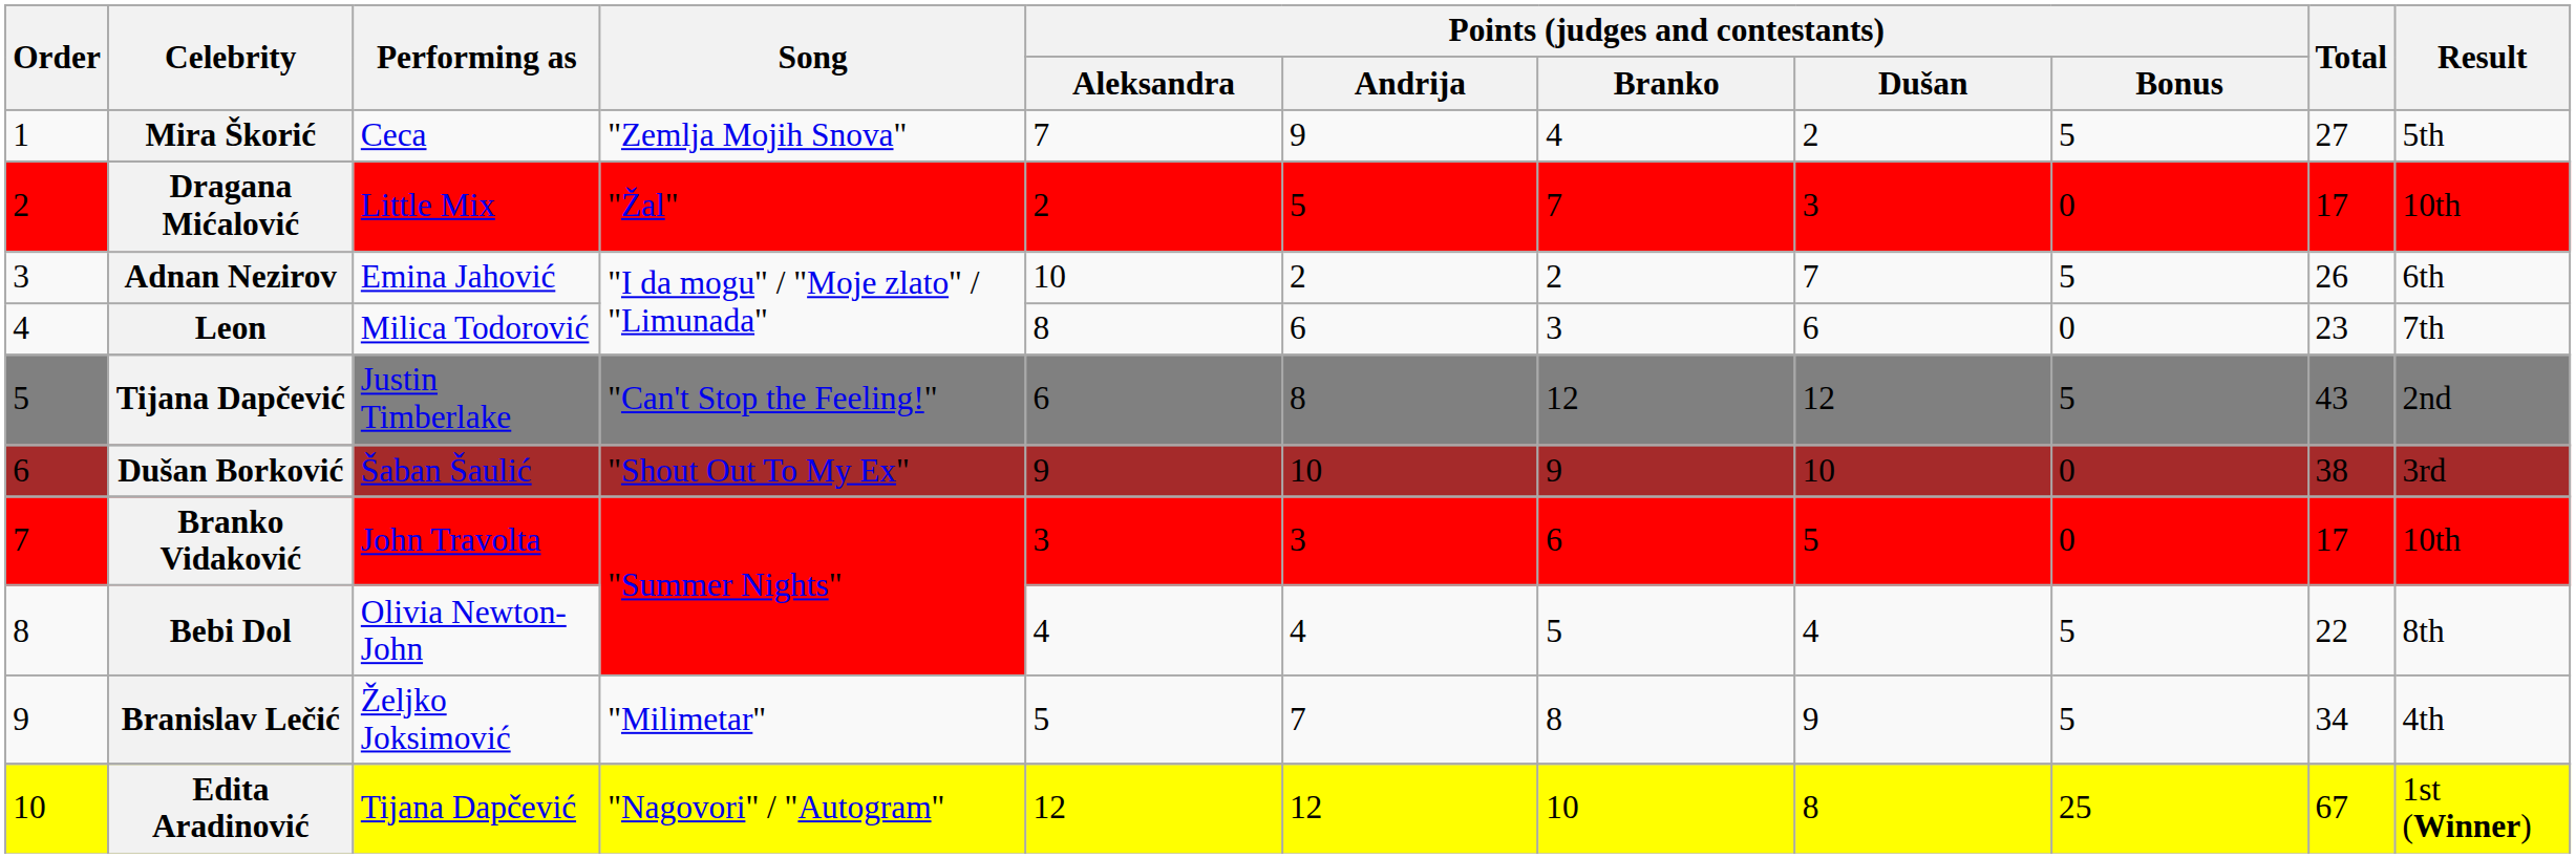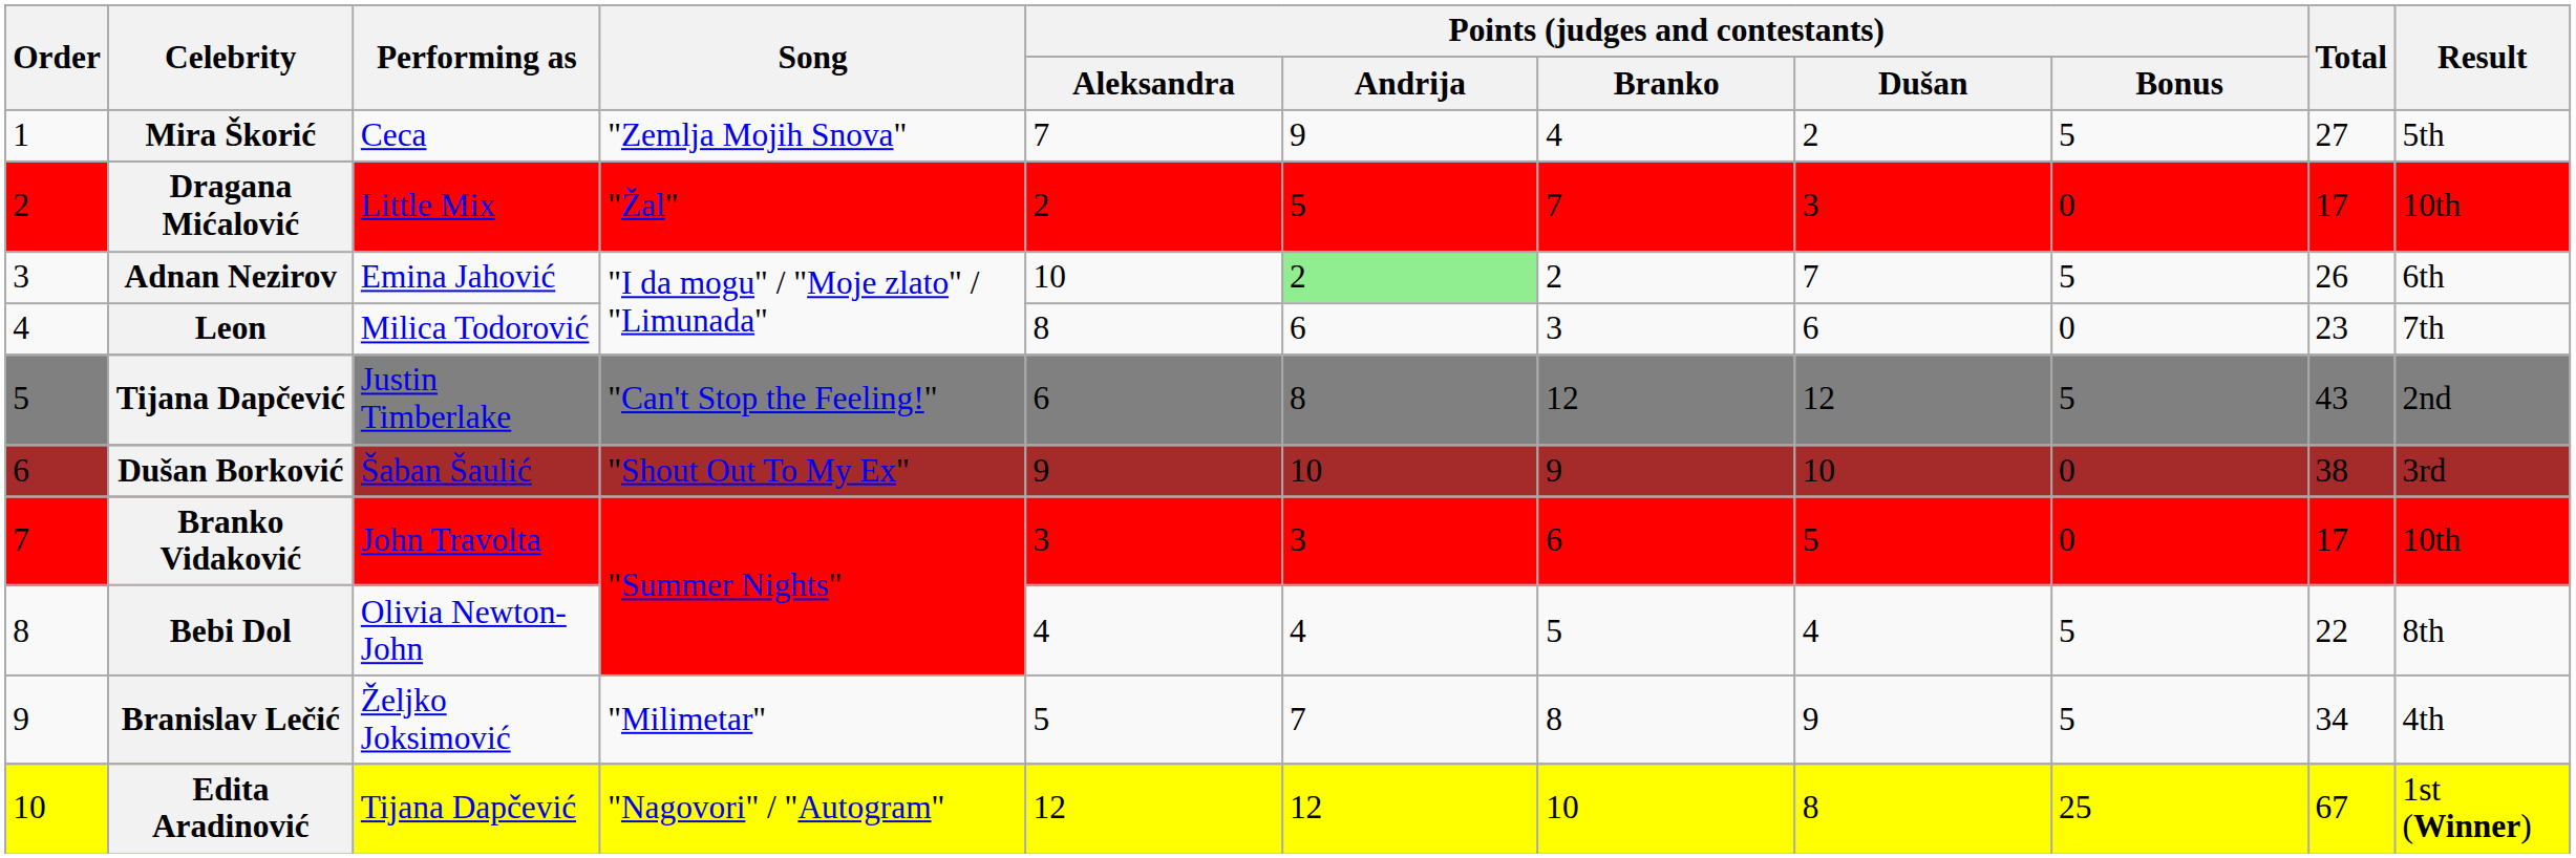 <table class=wikitable>
 <tr>
 <th rowspan="2">Order</th>
 <th rowspan="2">Celebrity</th>
 <th rowspan="2">Performing as</th>
 <th rowspan="2">Song</th>
 <th colspan="5" style="width:50%;">Points (judges and contestants)</th>
 <th rowspan="2">Total</th>
 <th rowspan="2">Result</th>
 </tr>
 <tr>
 <th style="width:10%;">Aleksandra</th>
 <th style="width:10%;">Andrija</th>
 <th style="width:10%;">Branko</th>
 <th style="width:10%;">Dušan</th>
 <th style="width:10%;">Bonus</th>
 </tr>
 <tr>
 <td>1</td>
 <th scope="row">Mira Škorić</th>
 <td><a href='#'>Ceca</a></td>
 <td>"<a href='#'>Zemlja Mojih Snova</a>"</td>
 <td>7</td>
 <td>9</td>
 <td>4</td>
 <td>2</td>
 <td>5</td>
 <td>27</td>
 <td>5th</td>
 </tr>
 <tr>
 </tr>
 <tr bgcolor="red">
 <td>2</td>
 <th scope="row">Dragana Mićalović</th>
 <td><a href='#'>Little Mix</a></td>
 <td>"<a href='#'>Žal</a>"</td>
 <td>2</td>
 <td>5</td>
 <td>7</td>
 <td>3</td>
 <td>0</td>
 <td>17</td>
 <td>10th</td>
 </tr>
 <tr>
 <td>3</td>
 <th scope="row">Adnan Nezirov</th>
 <td><a href='#'>Emina Jahović</a></td>
 <td rowspan="2">"<a href='#'>I da mogu</a>" / "<a href='#'>Moje zlato</a>" / "<a href='#'>Limunada</a>" </td>
 <td>10</td>
-<td>2</td>
+<td style="background: lightgreen;">2</td>
 <td>2</td>
 <td>7</td>
 <td>5</td>
 <td>26</td>
 <td>6th</td>
 </tr>
 <tr>
 <td>4</td>
 <th scope="row">Leon</th>
 <td><a href='#'>Milica Todorović</a></td>
 <td>8</td>
 <td>6</td>
 <td>3</td>
 <td>6</td>
 <td>0</td>
 <td>23</td>
 <td>7th</td>
 </tr>
 <tr>
 </tr>
 <tr bgcolor="grey">
 <td>5</td>
 <th scope="row">Tijana Dapčević</th>
 <td><a href='#'>Justin Timberlake</a></td>
 <td>"<a href='#'>Can't Stop the Feeling!</a>"</td>
 <td>6</td>
 <td>8</td>
 <td>12</td>
 <td>12</td>
 <td>5</td>
 <td>43</td>
 <td>2nd</td>
 </tr>
 <tr>
 </tr>
 <tr bgcolor="brown">
 <td>6</td>
 <th scope="row">Dušan Borković</th>
 <td><a href='#'>Šaban Šaulić</a></td>
 <td>"<a href='#'>Shout Out To My Ex</a>"</td>
 <td>9</td>
 <td>10</td>
 <td>9</td>
 <td>10</td>
 <td>0</td>
 <td>38</td>
 <td>3rd</td>
 </tr>
 <tr>
 </tr>
 <tr bgcolor="red">
 <td>7</td>
 <th scope="row">Branko Vidaković</th>
 <td><a href='#'>John Travolta</a></td>
 <td rowspan="2">"<a href='#'>Summer Nights</a>" </td>
 <td>3</td>
 <td>3</td>
 <td>6</td>
 <td>5</td>
 <td>0</td>
 <td>17</td>
 <td>10th</td>
 </tr>
 <tr>
 <td>8</td>
 <th scope="row">Bebi Dol</th>
 <td><a href='#'>Olivia Newton-John</a></td>
 <td>4</td>
 <td>4</td>
 <td>5</td>
 <td>4</td>
 <td>5</td>
 <td>22</td>
 <td>8th</td>
 </tr>
 <tr>
 <td>9</td>
 <th scope="row">Branislav Lečić</th>
 <td><a href='#'>Željko Joksimović</a></td>
 <td>"<a href='#'>Milimetar</a>"</td>
 <td>5</td>
 <td>7</td>
 <td>8</td>
 <td>9</td>
 <td>5</td>
 <td>34</td>
 <td>4th</td>
 </tr>
 <tr>
 </tr>
 <tr bgcolor="yellow">
 <td>10</td>
 <th scope="row">Edita Aradinović</th>
 <td><a href='#'>Tijana Dapčević</a></td>
 <td>"<a href='#'>Nagovori</a>" / "<a href='#'>Autogram</a>"</td>
 <td>12</td>
 <td>12</td>
 <td>10</td>
 <td>8</td>
 <td>25</td>
 <td>67</td>
 <td>1st (<strong>Winner</strong>)</td>
 </tr>
 </table>
